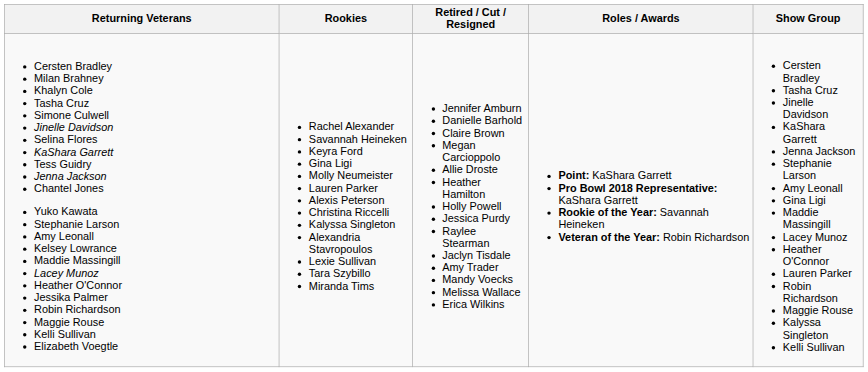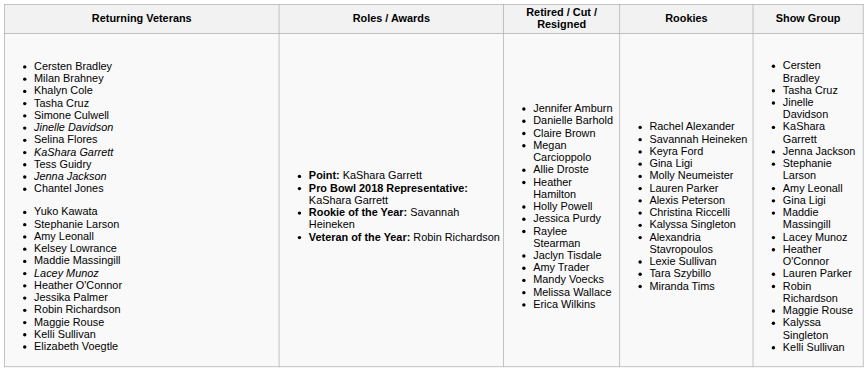 <table class="wikitable" style="width:100%;">
 <tr>
 <th scope="row" style="width:32%;">Returning Veterans</th>
+<th>Roles / Awards</th>
+<th>Retired / Cut / Resigned</th>
 <th>Rookies</th>
-<th>Retired / Cut / Resigned</th>
-<th>Roles / Awards</th>
 <th>Show Group</th>
 </tr>
 <tr>
 <td><br><ul><li>Cersten Bradley</li><li>Milan Brahney </li><li>Khalyn Cole</li><li>Tasha Cruz</li><li>Simone Culwell</li><li><em>Jinelle Davidson</em></li><li>Selina Flores</li><li><em>KaShara Garrett</em></li><li>Tess Guidry</li><li><em>Jenna Jackson</em></li><li>Chantel Jones</li></ul><ul><li>Yuko Kawata</li><li>Stephanie Larson</li><li>Amy Leonall</li><li>Kelsey Lowrance</li><li>Maddie Massingill</li><li><em>Lacey Munoz</em></li><li>Heather O'Connor</li><li>Jessika Palmer</li><li>Robin Richardson</li><li>Maggie Rouse</li><li>Kelli Sullivan</li><li>Elizabeth Voegtle</li></ul></td>
+<td><br><ul><li><strong>Point:</strong> KaShara Garrett</li><li><strong>Pro Bowl 2018 Representative:</strong> KaShara Garrett</li><li><strong>Rookie of the Year:</strong> Savannah Heineken</li><li><strong>Veteran of the Year:</strong> Robin Richardson</li></ul></td>
+<td><br><ul><li>Jennifer Amburn </li><li>Danielle Barhold </li><li>Claire Brown </li><li>Megan Carcioppolo </li><li>Allie Droste </li><li>Heather Hamilton </li><li>Holly Powell </li><li>Jessica Purdy </li><li>Raylee Stearman </li><li>Jaclyn Tisdale </li><li>Amy Trader </li><li>Mandy Voecks </li><li>Melissa Wallace </li><li>Erica Wilkins </li></ul></td>
 <td><br><ul><li>Rachel Alexander</li><li>Savannah Heineken</li><li>Keyra Ford</li><li>Gina Ligi</li><li>Molly Neumeister</li><li>Lauren Parker</li><li>Alexis Peterson</li><li>Christina Riccelli</li><li>Kalyssa Singleton </li><li>Alexandria Stavropoulos </li><li>Lexie Sullivan</li><li>Tara Szybillo</li><li>Miranda Tims</li></ul></td>
-<td><br><ul><li>Jennifer Amburn </li><li>Danielle Barhold </li><li>Claire Brown </li><li>Megan Carcioppolo </li><li>Allie Droste </li><li>Heather Hamilton </li><li>Holly Powell </li><li>Jessica Purdy </li><li>Raylee Stearman </li><li>Jaclyn Tisdale </li><li>Amy Trader </li><li>Mandy Voecks </li><li>Melissa Wallace </li><li>Erica Wilkins </li></ul></td>
-<td><br><ul><li><strong>Point:</strong> KaShara Garrett</li><li><strong>Pro Bowl 2018 Representative:</strong> KaShara Garrett</li><li><strong>Rookie of the Year:</strong> Savannah Heineken</li><li><strong>Veteran of the Year:</strong> Robin Richardson</li></ul></td>
 <td><br><ul><li>Cersten Bradley</li><li>Tasha Cruz</li><li>Jinelle Davidson</li><li>KaShara Garrett</li><li>Jenna Jackson</li><li>Stephanie Larson</li><li>Amy Leonall</li><li>Gina Ligi</li><li>Maddie Massingill</li><li>Lacey Munoz</li><li>Heather O'Connor</li><li>Lauren Parker</li><li>Robin Richardson</li><li>Maggie Rouse</li><li>Kalyssa Singleton</li><li>Kelli Sullivan</li></ul></td>
 </tr>
 </table>
